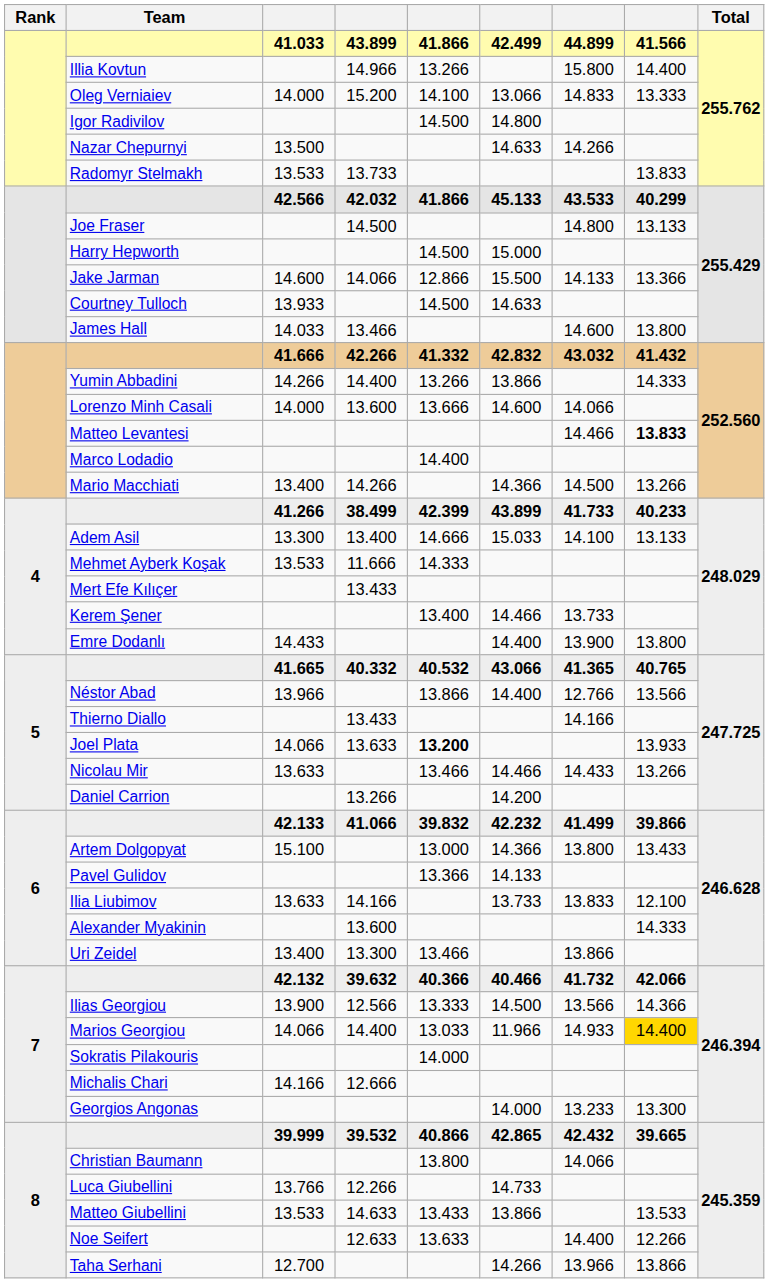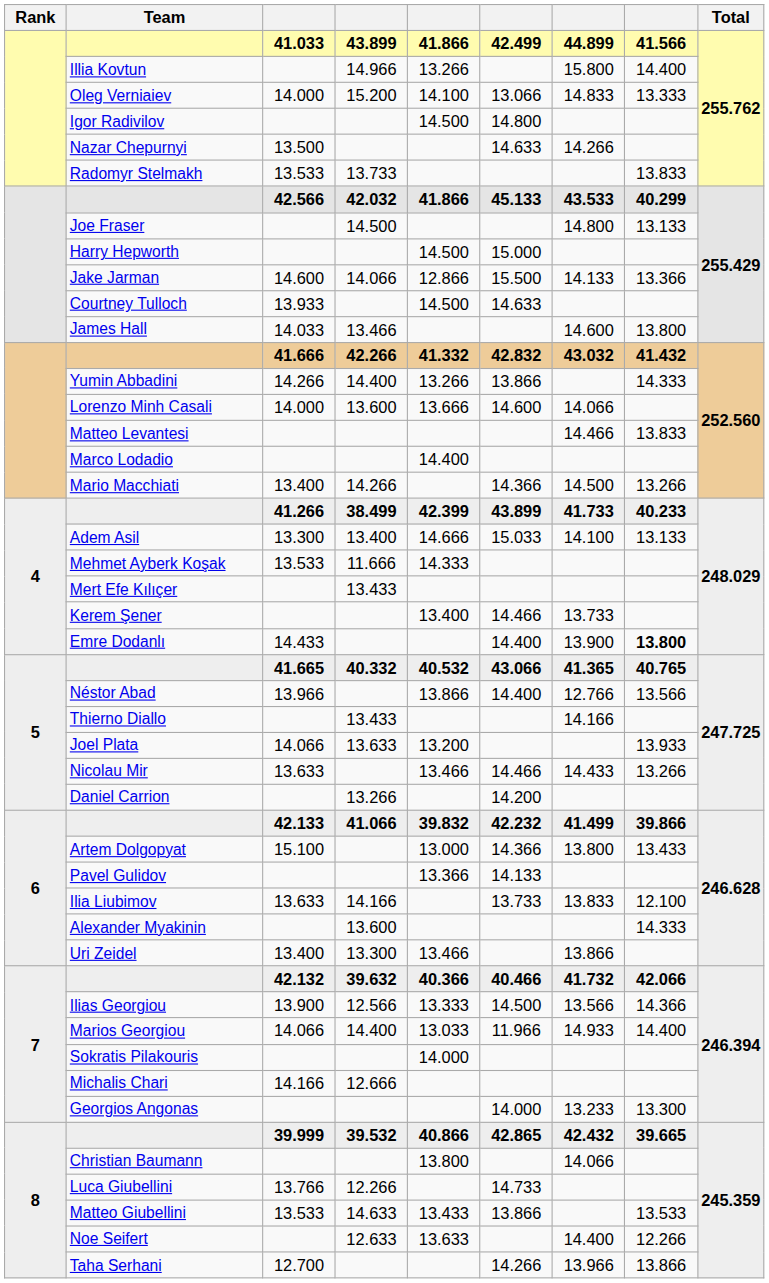 <table style="text-align:center; font-size:95%" class="wikitable sortable">
 <tr>
 <th scope="col" style="width:50px;">Rank</th>
 <th scope="col" style="width:175px;">Team</th>
 <th scope="col" style="width:60px;"></th>
 <th scope="col" style="width:60px;"></th>
 <th scope="col" style="width:60px;"></th>
 <th scope="col" style="width:60px;"></th>
 <th scope="col" style="width:60px;"></th>
 <th scope="col" style="width:60px;"></th>
 <th>Total</th>
 </tr>
 <tr style="background:#fffcaf;">
 <td rowspan="6"><strong></strong></td>
 <td style="text-align:left; font-size:95%"></td>
 <td><strong>41.033</strong></td>
 <td><strong>43.899</strong></td>
 <td><strong>41.866</strong></td>
 <td><strong>42.499</strong></td>
 <td><strong>44.899</strong></td>
 <td><strong>41.566</strong></td>
 <td rowspan="6"><strong>255.762</strong></td>
 </tr>
 <tr>
 <td style="text-align:left; font-size:95%"><a href='#'>Illia Kovtun</a></td>
 <td></td>
 <td>14.966</td>
 <td>13.266</td>
 <td></td>
 <td>15.800</td>
 <td>14.400</td>
 </tr>
 <tr>
 <td style="text-align:left; font-size:95%"><a href='#'>Oleg Verniaiev</a></td>
 <td>14.000</td>
 <td>15.200</td>
 <td>14.100</td>
 <td>13.066</td>
 <td>14.833</td>
 <td>13.333</td>
 </tr>
 <tr>
 <td style="text-align:left; font-size:95%"><a href='#'>Igor Radivilov</a></td>
 <td></td>
 <td></td>
 <td>14.500</td>
 <td>14.800</td>
 <td></td>
 <td></td>
 </tr>
 <tr>
 <td style="text-align:left; font-size:95%"><a href='#'>Nazar Chepurnyi</a></td>
 <td>13.500</td>
 <td></td>
 <td></td>
 <td>14.633</td>
 <td>14.266</td>
 <td></td>
 </tr>
 <tr>
 <td style="text-align:left; font-size:95%"><a href='#'>Radomyr Stelmakh</a></td>
 <td>13.533</td>
 <td>13.733</td>
 <td></td>
 <td></td>
 <td></td>
 <td>13.833</td>
 </tr>
 <tr style="background:#e5e5e5;">
 <td rowspan="6"><strong></strong></td>
 <td style="text-align:left; font-size:95%"></td>
 <td><strong>42.566</strong></td>
 <td><strong>42.032</strong></td>
 <td><strong>41.866</strong></td>
 <td><strong>45.133</strong></td>
 <td><strong>43.533</strong></td>
 <td><strong>40.299</strong></td>
 <td rowspan="6"><strong>255.429</strong></td>
 </tr>
 <tr>
 <td style="text-align:left; font-size:95%"><a href='#'>Joe Fraser</a></td>
 <td></td>
 <td>14.500</td>
 <td></td>
 <td></td>
 <td>14.800</td>
 <td>13.133</td>
 </tr>
 <tr>
 <td style="text-align:left; font-size:95%"><a href='#'>Harry Hepworth</a></td>
 <td></td>
 <td></td>
 <td>14.500</td>
 <td>15.000</td>
 <td></td>
 <td></td>
 </tr>
 <tr>
 <td style="text-align:left; font-size:95%"><a href='#'>Jake Jarman</a></td>
 <td>14.600</td>
 <td>14.066</td>
 <td>12.866</td>
 <td>15.500</td>
 <td>14.133</td>
 <td>13.366</td>
 </tr>
 <tr>
 <td style="text-align:left; font-size:95%"><a href='#'>Courtney Tulloch</a></td>
 <td>13.933</td>
 <td></td>
 <td>14.500</td>
 <td>14.633</td>
 <td></td>
 <td></td>
 </tr>
 <tr>
 <td style="text-align:left; font-size:95%"><a href='#'>James Hall</a></td>
 <td>14.033</td>
 <td>13.466</td>
 <td></td>
 <td></td>
 <td>14.600</td>
 <td>13.800</td>
 </tr>
 <tr style="background:#ec9;">
 <td rowspan="6"><strong></strong></td>
 <td style="text-align:left; font-size:95%"></td>
 <td><strong>41.666</strong></td>
 <td><strong>42.266</strong></td>
 <td><strong>41.332</strong></td>
 <td><strong>42.832</strong></td>
 <td><strong>43.032</strong></td>
 <td><strong>41.432</strong></td>
 <td rowspan="6"><strong>252.560</strong></td>
 </tr>
 <tr>
 <td style="text-align:left; font-size:95%"><a href='#'>Yumin Abbadini</a></td>
 <td>14.266</td>
 <td>14.400</td>
 <td>13.266</td>
 <td>13.866</td>
 <td></td>
 <td>14.333</td>
 </tr>
 <tr>
 <td style="text-align:left; font-size:95%"><a href='#'>Lorenzo Minh Casali</a></td>
 <td>14.000</td>
 <td>13.600</td>
 <td>13.666</td>
 <td>14.600</td>
 <td>14.066</td>
 <td></td>
 </tr>
 <tr>
 <td style="text-align:left; font-size:95%"><a href='#'>Matteo Levantesi</a></td>
 <td></td>
 <td></td>
 <td></td>
 <td></td>
 <td>14.466</td>
-<td><strong>13.833</strong></td>
+<td>13.833</td>
 </tr>
 <tr>
 <td style="text-align:left; font-size:95%"><a href='#'>Marco Lodadio</a></td>
 <td></td>
 <td></td>
 <td>14.400</td>
 <td></td>
 <td></td>
 <td></td>
 </tr>
 <tr>
 <td style="text-align:left; font-size:95%"><a href='#'>Mario Macchiati</a></td>
 <td>13.400</td>
 <td>14.266</td>
 <td></td>
 <td>14.366</td>
 <td>14.500</td>
 <td>13.266</td>
 </tr>
 <tr style="background:#eee;">
 <td rowspan="6"><strong>4</strong></td>
 <td style="text-align:left; font-size:95%"></td>
 <td><strong>41.266</strong></td>
 <td><strong>38.499</strong></td>
 <td><strong>42.399</strong></td>
 <td><strong>43.899</strong></td>
 <td><strong>41.733</strong></td>
 <td><strong>40.233</strong></td>
 <td rowspan="6"><strong>248.029</strong></td>
 </tr>
 <tr>
 <td style="text-align:left; font-size:95%"><a href='#'>Adem Asil</a></td>
 <td>13.300</td>
 <td>13.400</td>
 <td>14.666</td>
 <td>15.033</td>
 <td>14.100</td>
 <td>13.133</td>
 </tr>
 <tr>
 <td style="text-align:left; font-size:95%"><a href='#'>Mehmet Ayberk Koşak</a></td>
 <td>13.533</td>
 <td>11.666</td>
 <td>14.333</td>
 <td></td>
 <td></td>
 <td></td>
 </tr>
 <tr>
 <td style="text-align:left; font-size:95%"><a href='#'>Mert Efe Kılıçer</a></td>
 <td></td>
 <td>13.433</td>
 <td></td>
 <td></td>
 <td></td>
 <td></td>
 </tr>
 <tr>
 <td style="text-align:left; font-size:95%"><a href='#'>Kerem Şener</a></td>
 <td></td>
 <td></td>
 <td>13.400</td>
 <td>14.466</td>
 <td>13.733</td>
 <td></td>
 </tr>
 <tr>
 <td style="text-align:left; font-size:95%"><a href='#'>Emre Dodanlı</a></td>
 <td>14.433</td>
 <td></td>
 <td></td>
 <td>14.400</td>
 <td>13.900</td>
-<td>13.800</td>
+<td><strong>13.800</strong></td>
 </tr>
 <tr style="background:#eee;">
 <td rowspan="6"><strong>5</strong></td>
 <td style="text-align:left; font-size:95%"></td>
 <td><strong>41.665</strong></td>
 <td><strong>40.332</strong></td>
 <td><strong>40.532</strong></td>
 <td><strong>43.066</strong></td>
 <td><strong>41.365</strong></td>
 <td><strong>40.765</strong></td>
 <td rowspan="6"><strong>247.725</strong></td>
 </tr>
 <tr>
 <td style="text-align:left; font-size:95%"><a href='#'>Néstor Abad</a></td>
 <td>13.966</td>
 <td></td>
 <td>13.866</td>
 <td>14.400</td>
 <td>12.766</td>
 <td>13.566</td>
 </tr>
 <tr>
 <td style="text-align:left; font-size:95%"><a href='#'>Thierno Diallo</a></td>
 <td></td>
 <td>13.433</td>
 <td></td>
 <td></td>
 <td>14.166</td>
 <td></td>
 </tr>
 <tr>
 <td style="text-align:left; font-size:95%"><a href='#'>Joel Plata</a></td>
 <td>14.066</td>
 <td>13.633</td>
-<td><strong>13.200</strong></td>
+<td>13.200</td>
 <td></td>
 <td></td>
 <td>13.933</td>
 </tr>
 <tr>
 <td style="text-align:left; font-size:95%"><a href='#'>Nicolau Mir</a></td>
 <td>13.633</td>
 <td></td>
 <td>13.466</td>
 <td>14.466</td>
 <td>14.433</td>
 <td>13.266</td>
 </tr>
 <tr>
 <td style="text-align:left; font-size:95%"><a href='#'>Daniel Carrion</a></td>
 <td></td>
 <td>13.266</td>
 <td></td>
 <td>14.200</td>
 <td></td>
 <td></td>
 </tr>
 <tr style="background:#eee;">
 <td rowspan="6"><strong>6</strong></td>
 <td style="text-align:left; font-size:95%"></td>
 <td><strong>42.133</strong></td>
 <td><strong>41.066</strong></td>
 <td><strong>39.832</strong></td>
 <td><strong>42.232</strong></td>
 <td><strong>41.499</strong></td>
 <td><strong>39.866</strong></td>
 <td rowspan="6"><strong>246.628</strong></td>
 </tr>
 <tr>
 <td style="text-align:left; font-size:95%"><a href='#'>Artem Dolgopyat</a></td>
 <td>15.100</td>
 <td></td>
 <td>13.000</td>
 <td>14.366</td>
 <td>13.800</td>
 <td>13.433</td>
 </tr>
 <tr>
 <td style="text-align:left; font-size:95%"><a href='#'>Pavel Gulidov</a></td>
 <td></td>
 <td></td>
 <td>13.366</td>
 <td>14.133</td>
 <td></td>
 <td></td>
 </tr>
 <tr>
 <td style="text-align:left; font-size:95%"><a href='#'>Ilia Liubimov</a></td>
 <td>13.633</td>
 <td>14.166</td>
 <td></td>
 <td>13.733</td>
 <td>13.833</td>
 <td>12.100</td>
 </tr>
 <tr>
 <td style="text-align:left; font-size:95%"><a href='#'>Alexander Myakinin</a></td>
 <td></td>
 <td>13.600</td>
 <td></td>
 <td></td>
 <td></td>
 <td>14.333</td>
 </tr>
 <tr>
 <td style="text-align:left; font-size:95%"><a href='#'>Uri Zeidel</a></td>
 <td>13.400</td>
 <td>13.300</td>
 <td>13.466</td>
 <td></td>
 <td>13.866</td>
 <td></td>
 </tr>
 <tr style="background:#eee;">
 <td rowspan="6"><strong>7</strong></td>
 <td style="text-align:left; font-size:95%"></td>
 <td><strong>42.132</strong></td>
 <td><strong>39.632</strong></td>
 <td><strong>40.366</strong></td>
 <td><strong>40.466</strong></td>
 <td><strong>41.732</strong></td>
 <td><strong>42.066</strong></td>
 <td rowspan="6"><strong>246.394</strong></td>
 </tr>
 <tr>
 <td style="text-align:left; font-size:95%"><a href='#'>Ilias Georgiou</a></td>
 <td>13.900</td>
 <td>12.566</td>
 <td>13.333</td>
 <td>14.500</td>
 <td>13.566</td>
 <td>14.366</td>
 </tr>
 <tr>
 <td style="text-align:left; font-size:95%"><a href='#'>Marios Georgiou</a></td>
 <td>14.066</td>
 <td>14.400</td>
 <td>13.033</td>
 <td>11.966</td>
 <td>14.933</td>
-<td style="background: gold;">14.400</td>
+<td>14.400</td>
 </tr>
 <tr>
 <td style="text-align:left; font-size:95%"><a href='#'>Sokratis Pilakouris</a></td>
 <td></td>
 <td></td>
 <td>14.000</td>
 <td></td>
 <td></td>
 <td></td>
 </tr>
 <tr>
 <td style="text-align:left; font-size:95%"><a href='#'>Michalis Chari</a></td>
 <td>14.166</td>
 <td>12.666</td>
 <td></td>
 <td></td>
 <td></td>
 <td></td>
 </tr>
 <tr>
 <td style="text-align:left; font-size:95%"><a href='#'>Georgios Angonas</a></td>
 <td></td>
 <td></td>
 <td></td>
 <td>14.000</td>
 <td>13.233</td>
 <td>13.300</td>
 </tr>
 <tr style="background:#eee;">
 <td rowspan="6"><strong>8</strong></td>
 <td style="text-align:left; font-size:95%"></td>
 <td><strong>39.999</strong></td>
 <td><strong>39.532</strong></td>
 <td><strong>40.866</strong></td>
 <td><strong>42.865</strong></td>
 <td><strong>42.432</strong></td>
 <td><strong>39.665</strong></td>
 <td rowspan="6"><strong>245.359</strong></td>
 </tr>
 <tr>
 <td style="text-align:left; font-size:95%"><a href='#'>Christian Baumann</a></td>
 <td></td>
 <td></td>
 <td>13.800</td>
 <td></td>
 <td>14.066</td>
 <td></td>
 </tr>
 <tr>
 <td style="text-align:left; font-size:95%"><a href='#'>Luca Giubellini</a></td>
 <td>13.766</td>
 <td>12.266</td>
 <td></td>
 <td>14.733</td>
 <td></td>
 <td></td>
 </tr>
 <tr>
 <td style="text-align:left; font-size:95%"><a href='#'>Matteo Giubellini</a></td>
 <td>13.533</td>
 <td>14.633</td>
 <td>13.433</td>
 <td>13.866</td>
 <td></td>
 <td>13.533</td>
 </tr>
 <tr>
 <td style="text-align:left; font-size:95%"><a href='#'>Noe Seifert</a></td>
 <td></td>
 <td>12.633</td>
 <td>13.633</td>
 <td></td>
 <td>14.400</td>
 <td>12.266</td>
 </tr>
 <tr>
 <td style="text-align:left; font-size:95%"><a href='#'>Taha Serhani</a></td>
 <td>12.700</td>
 <td></td>
 <td></td>
 <td>14.266</td>
 <td>13.966</td>
 <td>13.866</td>
 </tr>
 </table>
